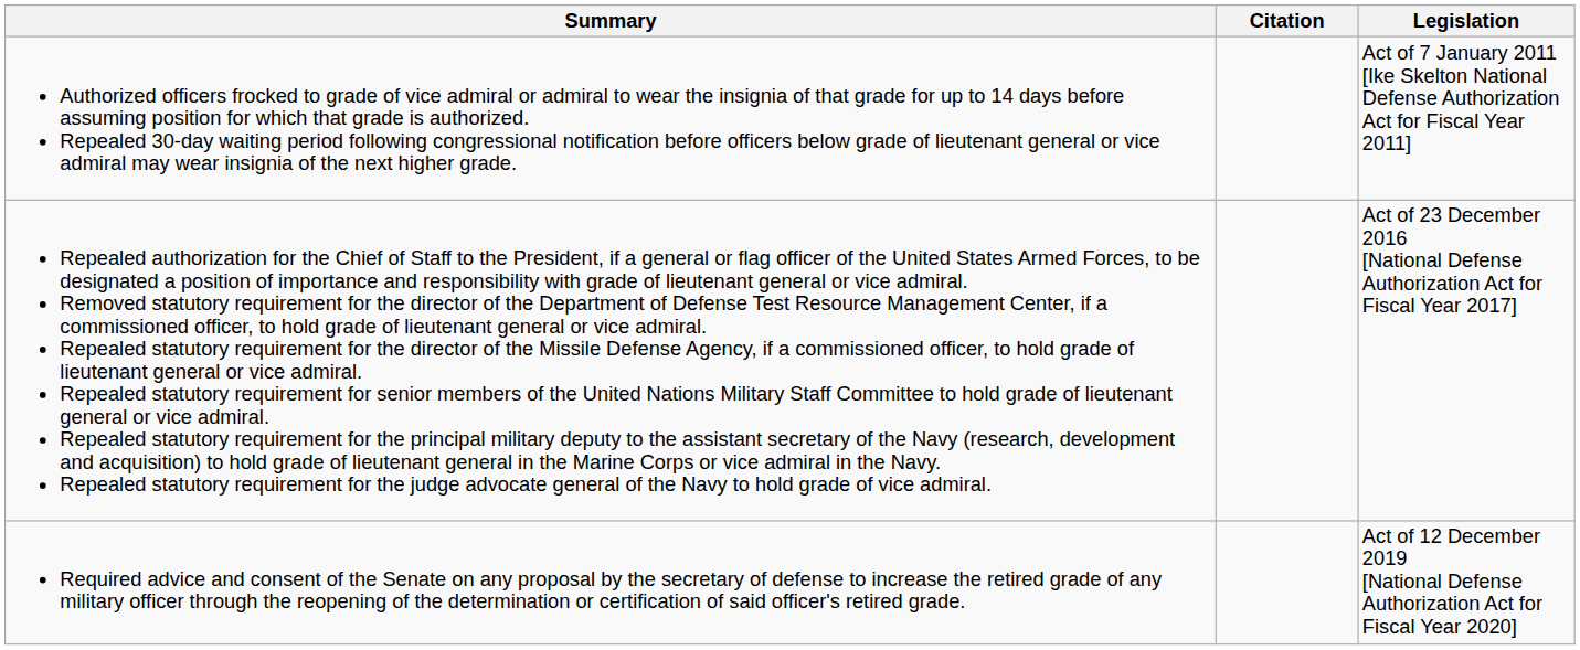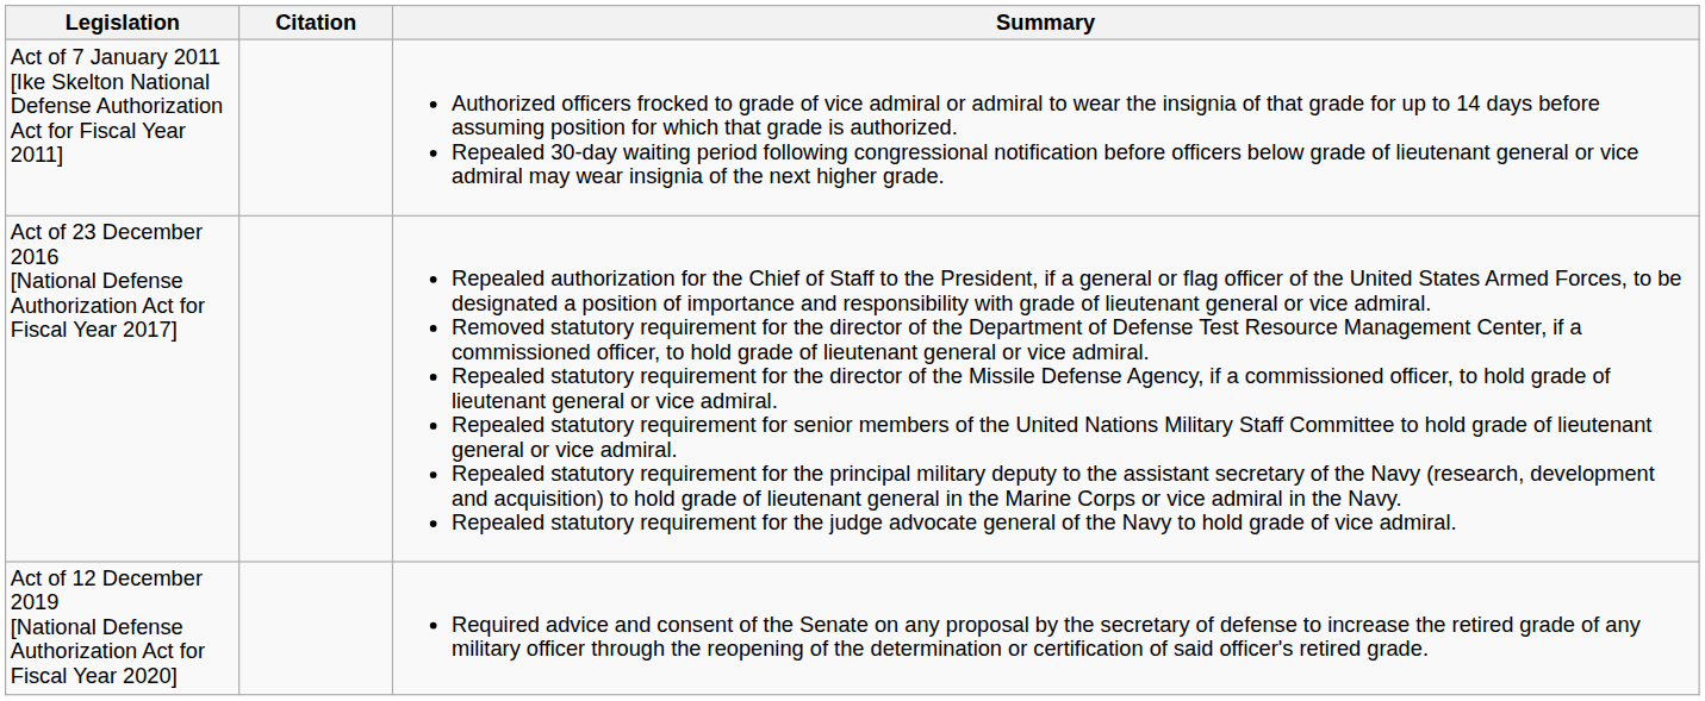 <table class="wikitable">
 <tr>
+<th width = 165>Legislation</th>
+<th width = 105>Citation</th>
 <th scope="col" class="unsortable">Summary</th>
-<th width = 105>Citation</th>
-<th width = 165>Legislation</th>
 </tr>
 <tr style="vertical-align: top;">
+<td>Act of 7 January 2011<br>[Ike Skelton National Defense Authorization Act for Fiscal Year 2011]</td>
+<td> </td>
 <td><br><ul><li>Authorized officers frocked to grade of vice admiral or admiral to wear the insignia of that grade for up to 14 days before assuming position for which that grade is authorized.</li><li>Repealed 30-day waiting period following congressional notification before officers below grade of lieutenant general or vice admiral may wear insignia of the next higher grade.</li></ul></td>
-<td> </td>
-<td>Act of 7 January 2011<br>[Ike Skelton National Defense Authorization Act for Fiscal Year 2011]</td>
 </tr>
 <tr style="vertical-align: top;">
+<td>Act of 23 December 2016<br>[National Defense Authorization Act for Fiscal Year 2017]</td>
+<td> </td>
 <td><br><ul><li>Repealed authorization for the Chief of Staff to the President, if a general or flag officer of the United States Armed Forces, to be designated a position of importance and responsibility with grade of lieutenant general or vice admiral.</li><li>Removed statutory requirement for the director of the Department of Defense Test Resource Management Center, if a commissioned officer, to hold grade of lieutenant general or vice admiral.</li><li>Repealed statutory requirement for the director of the Missile Defense Agency, if a commissioned officer, to hold grade of lieutenant general or vice admiral.</li><li>Repealed statutory requirement for senior members of the United Nations Military Staff Committee to hold grade of lieutenant general or vice admiral.</li><li>Repealed statutory requirement for the principal military deputy to the assistant secretary of the Navy (research, development and acquisition) to hold grade of lieutenant general in the Marine Corps or vice admiral in the Navy.</li><li>Repealed statutory requirement for the judge advocate general of the Navy to hold grade of vice admiral.</li></ul></td>
-<td> </td>
-<td>Act of 23 December 2016<br>[National Defense Authorization Act for Fiscal Year 2017]</td>
 </tr>
 <tr style="vertical-align: top;">
+<td>Act of 12 December 2019<br>[National Defense Authorization Act for Fiscal Year 2020]</td>
+<td> </td>
 <td><br><ul><li>Required advice and consent of the Senate on any proposal by the secretary of defense to increase the retired grade of any military officer through the reopening of the determination or certification of said officer's retired grade.</li></ul></td>
-<td> </td>
-<td>Act of 12 December 2019<br>[National Defense Authorization Act for Fiscal Year 2020]</td>
 </tr>
 </table>
